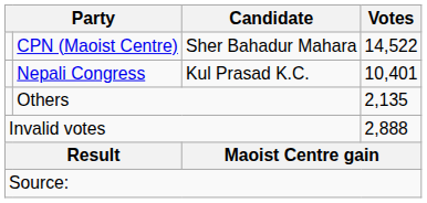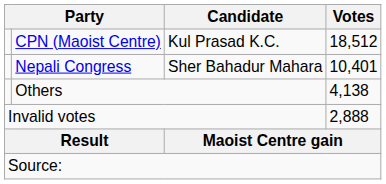 <table class="wikitable">
 <tr>
 <th colspan="2">Party</th>
 <th>Candidate</th>
 <th>Votes</th>
 </tr>
 <tr>
 <td style="background-color:"></td>
 <td><a href='#'>CPN (Maoist Centre)</a></td>
-<td>Sher Bahadur Mahara</td>
-<td>14,522</td>
+<td>Kul Prasad K.C.</td>
+<td>18,512</td>
 </tr>
 <tr>
 <td style="background-color:"></td>
 <td><a href='#'>Nepali Congress</a></td>
-<td>Kul Prasad K.C.</td>
+<td>Sher Bahadur Mahara</td>
 <td>10,401</td>
 </tr>
 <tr>
 <td></td>
 <td colspan="2">Others</td>
-<td>2,135</td>
+<td>4,138</td>
 </tr>
 <tr>
 <td colspan="3">Invalid votes</td>
 <td>2,888</td>
 </tr>
 <tr>
 <th colspan="2">Result</th>
 <th colspan="2">Maoist Centre gain</th>
 </tr>
 <tr>
 <td colspan="4">Source: </td>
 </tr>
 </table>
